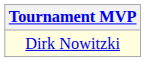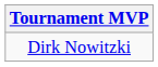 <table class=wikitable style="margin:auto; text-align:center">
 <tr>
 <th><a href='#'>Tournament MVP</a></th>
 </tr>
 <tr>
-<td style="background: lightyellow;"> <a href='#'>Dirk Nowitzki</a></td>
+<td> <a href='#'>Dirk Nowitzki</a></td>
 </tr>
 </table>
